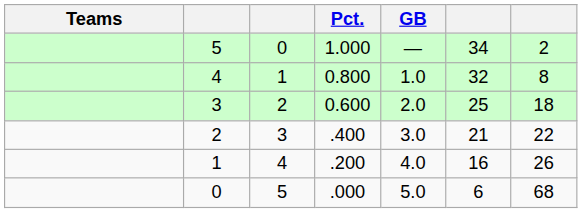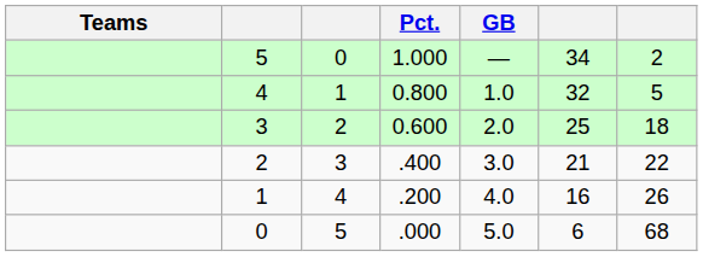 <table class="wikitable" style="text-align:center;">
 <tr>
 <th width=150px>Teams</th>
 <th width=50px></th>
 <th width=50px></th>
 <th width=50px><a href='#'>Pct.</a></th>
 <th width=50px><a href='#'>GB</a></th>
 <th width=50px></th>
 <th width=50px></th>
 </tr>
 <tr style="background-color:#ccffcc">
 <td align=left></td>
 <td>5</td>
 <td>0</td>
 <td>1.000</td>
 <td>—</td>
 <td>34</td>
 <td>2</td>
 </tr>
 <tr style="background-color:#ccffcc">
 <td align=left></td>
 <td>4</td>
 <td>1</td>
 <td>0.800</td>
 <td>1.0</td>
 <td>32</td>
-<td>8</td>
+<td>5</td>
 </tr>
 <tr style="background-color:#ccffcc">
 <td align=left></td>
 <td>3</td>
 <td>2</td>
 <td>0.600</td>
 <td>2.0</td>
 <td>25</td>
 <td>18</td>
 </tr>
 <tr style="background-color:">
 <td align=left></td>
 <td>2</td>
 <td>3</td>
 <td>.400</td>
 <td>3.0</td>
 <td>21</td>
 <td>22</td>
 </tr>
 <tr style="background-color:">
 <td align=left></td>
 <td>1</td>
 <td>4</td>
 <td>.200</td>
 <td>4.0</td>
 <td>16</td>
 <td>26</td>
 </tr>
 <tr style="background-color:">
 <td align=left></td>
 <td>0</td>
 <td>5</td>
 <td>.000</td>
 <td>5.0</td>
 <td>6</td>
 <td>68</td>
 </tr>
 </table>
